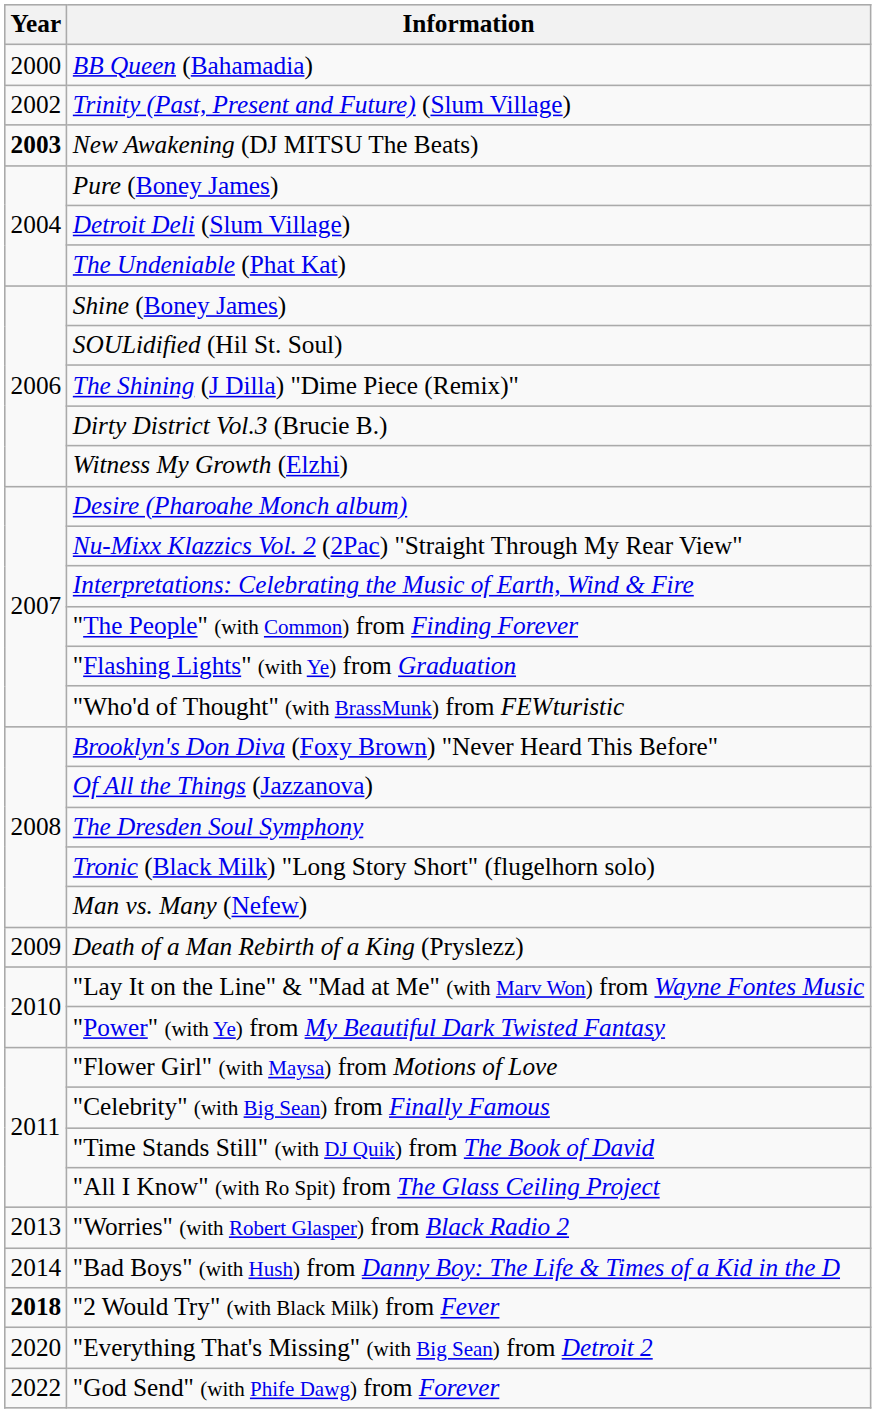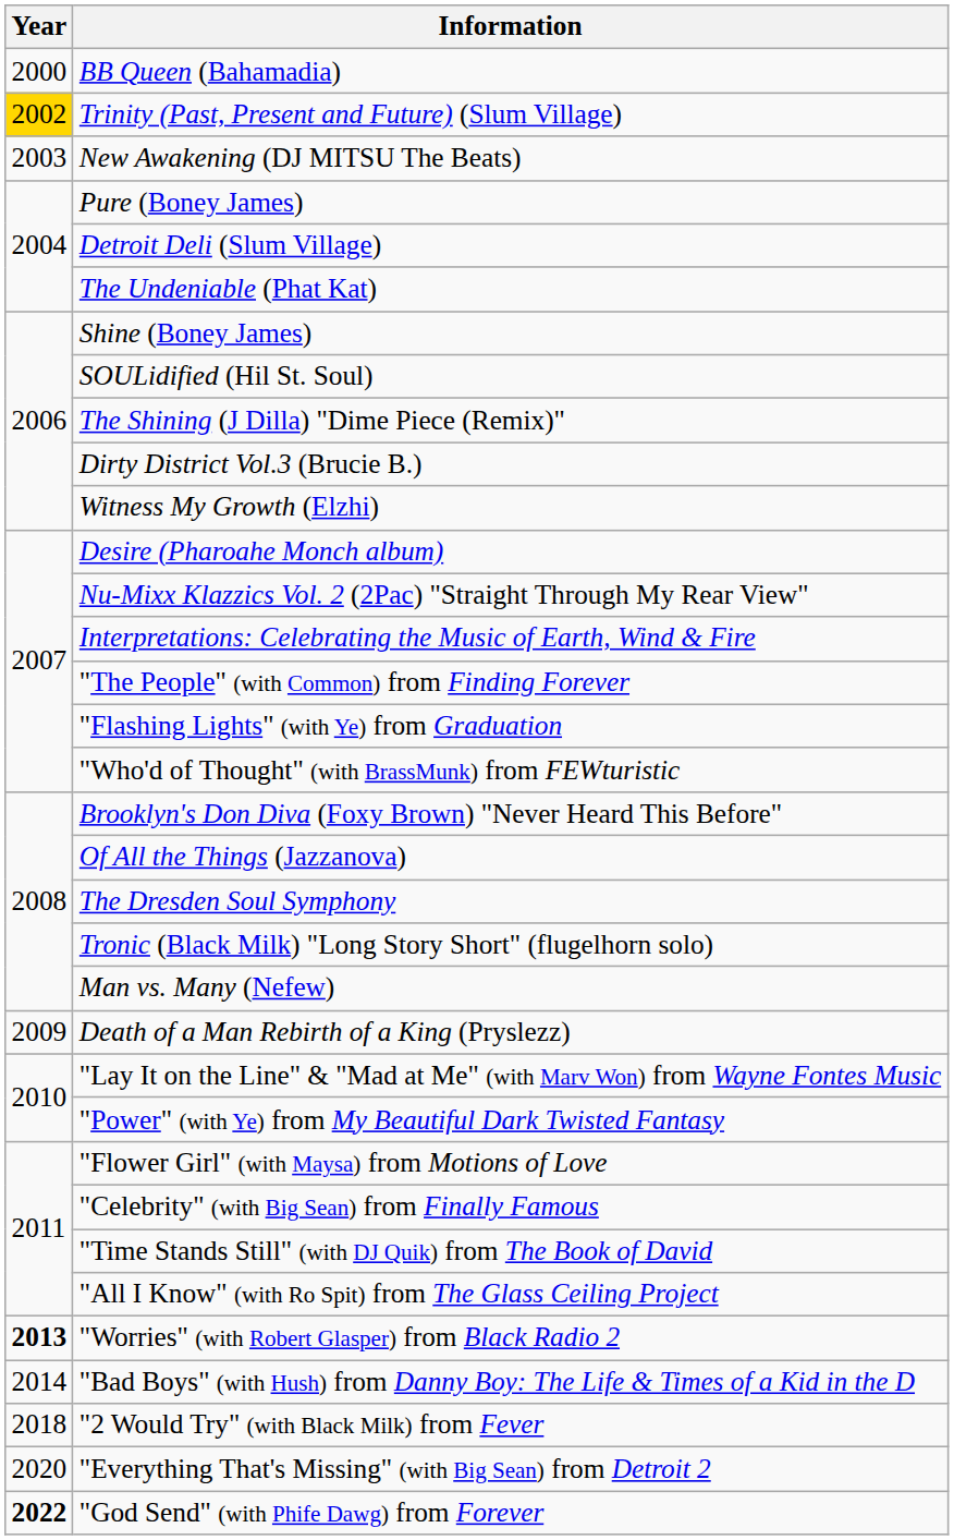 <table class="wikitable">
 <tr>
 <th>Year</th>
 <th>Information</th>
 </tr>
 <tr>
 <td>2000</td>
 <td><em><a href='#'>BB Queen</a></em> (<a href='#'>Bahamadia</a>)</td>
 </tr>
 <tr>
-<td>2002</td>
+<td style="background: gold;">2002</td>
 <td><em><a href='#'>Trinity (Past, Present and Future)</a></em> (<a href='#'>Slum Village</a>)</td>
 </tr>
 <tr>
-<td><strong>2003</strong></td>
+<td>2003</td>
 <td><em>New Awakening</em> (DJ MITSU The Beats)</td>
 </tr>
 <tr>
 <td rowspan="3">2004</td>
 <td><em>Pure</em> (<a href='#'>Boney James</a>)</td>
 </tr>
 <tr>
 <td><em><a href='#'>Detroit Deli</a></em> (<a href='#'>Slum Village</a>)</td>
 </tr>
 <tr>
 <td><em><a href='#'>The Undeniable</a></em> (<a href='#'>Phat Kat</a>)</td>
 </tr>
 <tr>
 <td rowspan="5">2006</td>
 <td><em>Shine</em> (<a href='#'>Boney James</a>)</td>
 </tr>
 <tr>
 <td><em>SOULidified</em> (Hil St. Soul)</td>
 </tr>
 <tr>
 <td><em><a href='#'>The Shining</a></em> (<a href='#'>J Dilla</a>) "Dime Piece (Remix)"</td>
 </tr>
 <tr>
 <td><em>Dirty District Vol.3</em> (Brucie B.)</td>
 </tr>
 <tr>
 <td><em>Witness My Growth</em> (<a href='#'>Elzhi</a>)</td>
 </tr>
 <tr>
 <td rowspan="6">2007</td>
 <td><em><a href='#'>Desire (Pharoahe Monch album)</a></em></td>
 </tr>
 <tr>
 <td><em><a href='#'>Nu-Mixx Klazzics Vol. 2</a></em> (<a href='#'>2Pac</a>) "Straight Through My Rear View"</td>
 </tr>
 <tr>
 <td><em><a href='#'>Interpretations: Celebrating the Music of Earth, Wind & Fire</a></em></td>
 </tr>
 <tr>
 <td>"<a href='#'>The People</a>" <small>(with <a href='#'>Common</a>)</small> from <em><a href='#'>Finding Forever</a></em></td>
 </tr>
 <tr>
 <td>"<a href='#'>Flashing Lights</a>" <small>(with <a href='#'>Ye</a>)</small> from <em><a href='#'>Graduation</a></em></td>
 </tr>
 <tr>
 <td>"Who'd of Thought" <small>(with <a href='#'>BrassMunk</a>)</small> from <em>FEWturistic</em></td>
 </tr>
 <tr>
 <td rowspan="5">2008</td>
 <td><em><a href='#'>Brooklyn's Don Diva</a></em> (<a href='#'>Foxy Brown</a>) "Never Heard This Before"</td>
 </tr>
 <tr>
 <td><em><a href='#'>Of All the Things</a></em> (<a href='#'>Jazzanova</a>)</td>
 </tr>
 <tr>
 <td><em><a href='#'>The Dresden Soul Symphony</a></em></td>
 </tr>
 <tr>
 <td><em><a href='#'>Tronic</a></em> (<a href='#'>Black Milk</a>) "Long Story Short" (flugelhorn solo)</td>
 </tr>
 <tr>
 <td><em>Man vs. Many</em> (<a href='#'>Nefew</a>)</td>
 </tr>
 <tr>
 <td>2009</td>
 <td><em>Death of a Man Rebirth of a King</em> (Pryslezz)</td>
 </tr>
 <tr>
 <td rowspan="2">2010</td>
 <td>"Lay It on the Line" & "Mad at Me" <small>(with <a href='#'>Marv Won</a>)</small> from <em><a href='#'>Wayne Fontes Music</a></em></td>
 </tr>
 <tr>
 <td>"<a href='#'>Power</a>" <small>(with <a href='#'>Ye</a>)</small> from <em><a href='#'>My Beautiful Dark Twisted Fantasy</a></em></td>
 </tr>
 <tr>
 <td rowspan="4">2011</td>
 <td>"Flower Girl" <small>(with <a href='#'>Maysa</a>)</small> from <em>Motions of Love</em></td>
 </tr>
 <tr>
 <td>"Celebrity" <small>(with <a href='#'>Big Sean</a>)</small> from <em><a href='#'>Finally Famous</a></em></td>
 </tr>
 <tr>
 <td>"Time Stands Still" <small>(with <a href='#'>DJ Quik</a>)</small> from <em><a href='#'>The Book of David</a></em></td>
 </tr>
 <tr>
 <td>"All I Know" <small>(with Ro Spit)</small> from <em><a href='#'>The Glass Ceiling Project</a></em></td>
 </tr>
 <tr>
-<td>2013</td>
+<td><strong>2013</strong></td>
 <td>"Worries" <small>(with <a href='#'>Robert Glasper</a>)</small> from <em><a href='#'>Black Radio 2</a></em></td>
 </tr>
 <tr>
 <td>2014</td>
 <td>"Bad Boys" <small>(with <a href='#'>Hush</a>)</small> from <em><a href='#'>Danny Boy: The Life & Times of a Kid in the D</a></em></td>
 </tr>
 <tr>
-<td><strong>2018</strong></td>
+<td>2018</td>
 <td>"2 Would Try" <small>(with Black Milk)</small> from <em><a href='#'>Fever</a></em></td>
 </tr>
 <tr>
 <td>2020</td>
 <td>"Everything That's Missing" <small>(with <a href='#'>Big Sean</a>)</small> from <em><a href='#'>Detroit 2</a></em></td>
 </tr>
 <tr>
-<td>2022</td>
+<td><strong>2022</strong></td>
 <td>"God Send" <small>(with <a href='#'>Phife Dawg</a>)</small> from <em><a href='#'>Forever</a></em></td>
 </tr>
 </table>
